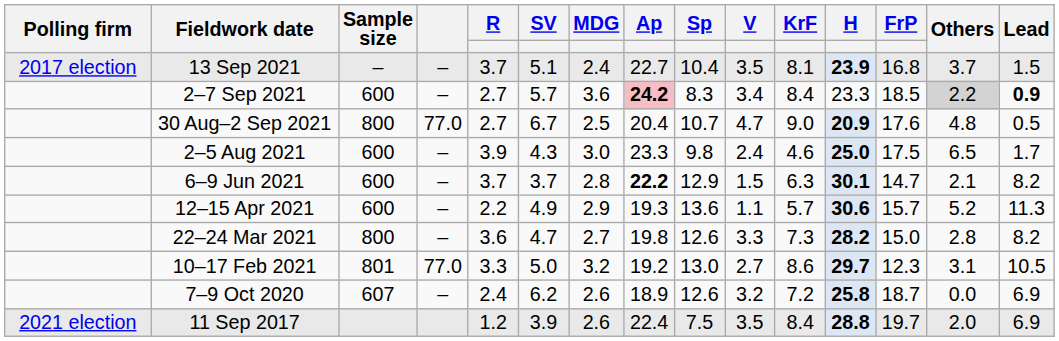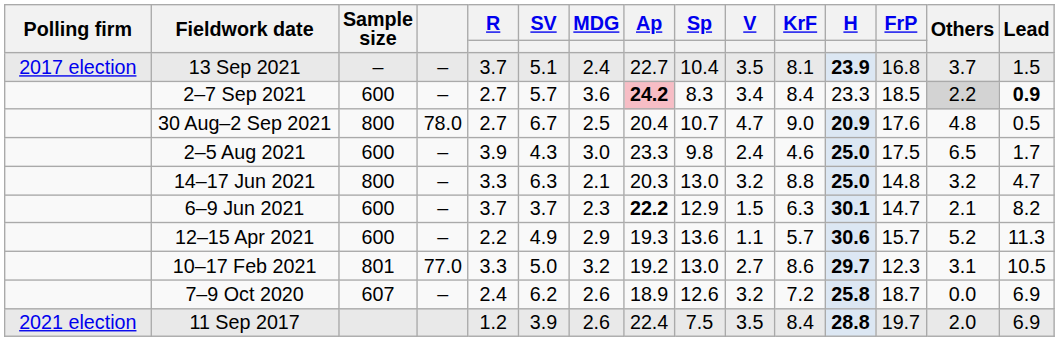 <table class="wikitable mw-collapsible sortable" style="text-align:center;font-size:90%;line-height:14px;">
 <tr>
 <th rowspan="2" style="width:100px;">Polling firm</th>
 <th rowspan="2" style="width:130px;">Fieldwork date</th>
 <th rowspan="2" style="width:35px;">Sample<br>size</th>
 <th rowspan="2" style="width:30px;"></th>
 <th class="unsortable" style="width:30px;"><a href='#'>R</a></th>
 <th class="unsortable" style="width:30px;"><a href='#'>SV</a></th>
 <th class="unsortable" style="width:30px;"><a href='#'>MDG</a></th>
 <th class="unsortable" style="width:30px;"><a href='#'>Ap</a></th>
 <th class="unsortable" style="width:30px;"><a href='#'>Sp</a></th>
 <th class="unsortable" style="width:30px;"><a href='#'>V</a></th>
 <th class="unsortable" style="width:30px;"><a href='#'>KrF</a></th>
 <th class="unsortable" style="width:30px;"><a href='#'>H</a></th>
 <th class="unsortable" style="width:30px;"><a href='#'>FrP</a></th>
 <th class="unsortable" style="width:20px;" rowspan="2">Others</th>
 <th rowspan="2" style="width:30px;">Lead</th>
 </tr>
 <tr>
 <th style="background:"></th>
 <th style="background:"></th>
 <th style="background:"></th>
 <th style="background:"></th>
 <th style="background:"></th>
 <th style="background:"></th>
 <th style="background:"></th>
 <th style="background:"></th>
 <th style="background:"></th>
 </tr>
 <tr style="background:#E9E9E9;">
 <td><a href='#'>2017 election</a></td>
 <td>13 Sep 2021</td>
 <td>–</td>
 <td>–</td>
 <td>3.7</td>
 <td>5.1</td>
 <td>2.4</td>
 <td>22.7</td>
 <td>10.4</td>
 <td>3.5</td>
 <td>8.1</td>
 <td style="background:#DCE7F3;"><strong>23.9</strong></td>
 <td>16.8</td>
 <td>3.7</td>
 <td style="background:">1.5</td>
 </tr>
 <tr>
 <td></td>
 <td>2–7 Sep 2021</td>
 <td>600</td>
 <td>–</td>
 <td>2.7</td>
 <td>5.7</td>
 <td>3.6</td>
 <td style="background:#F7BDC5;"><strong>24.2</strong></td>
 <td>8.3</td>
 <td>3.4</td>
 <td>8.4</td>
 <td>23.3</td>
 <td>18.5</td>
 <td style="background: lightgrey;">2.2</td>
 <td style="background:"><strong>0.9</strong></td>
 </tr>
 <tr>
 <td></td>
 <td>30 Aug–2 Sep 2021</td>
 <td>800</td>
-<td>77.0</td>
+<td>78.0</td>
 <td>2.7</td>
 <td>6.7</td>
 <td>2.5</td>
 <td>20.4</td>
 <td>10.7</td>
 <td>4.7</td>
 <td>9.0</td>
 <td style="background:#DCE7F3;"><strong>20.9</strong></td>
 <td>17.6</td>
 <td>4.8</td>
 <td style="background:">0.5</td>
 </tr>
 <tr>
 <td></td>
 <td>2–5 Aug 2021</td>
 <td>600</td>
 <td>–</td>
 <td>3.9</td>
 <td>4.3</td>
 <td>3.0</td>
 <td>23.3</td>
 <td>9.8</td>
 <td>2.4</td>
 <td>4.6</td>
 <td style="background:#DCE7F3;"><strong>25.0</strong></td>
 <td>17.5</td>
 <td>6.5</td>
 <td style="background:">1.7</td>
 </tr>
 <tr>
 <td></td>
+<td>14–17 Jun 2021</td>
+<td>800</td>
+<td>–</td>
+<td>3.3</td>
+<td>6.3</td>
+<td>2.1</td>
+<td>20.3</td>
+<td>13.0</td>
+<td>3.2</td>
+<td>8.8</td>
+<td style="background:#DCE7F3;"><strong>25.0</strong></td>
+<td>14.8</td>
+<td>3.2</td>
+<td style="background:">4.7</td>
+</tr>
+<tr>
+<td></td>
 <td>6–9 Jun 2021</td>
 <td>600</td>
 <td>–</td>
 <td>3.7</td>
 <td>3.7</td>
-<td>2.8</td>
+<td>2.3</td>
 <td><strong>22.2</strong></td>
 <td>12.9</td>
 <td>1.5</td>
 <td>6.3</td>
 <td style="background:#DCE7F3;"><strong>30.1</strong></td>
 <td>14.7</td>
 <td>2.1</td>
 <td style="background:">8.2</td>
 </tr>
 <tr>
 <td></td>
 <td>12–15 Apr 2021</td>
 <td>600</td>
 <td>–</td>
 <td>2.2</td>
 <td>4.9</td>
 <td>2.9</td>
 <td>19.3</td>
 <td>13.6</td>
 <td>1.1</td>
 <td>5.7</td>
 <td style="background:#DCE7F3;"><strong>30.6</strong></td>
 <td>15.7</td>
 <td>5.2</td>
 <td style="background:">11.3</td>
-</tr>
-<tr>
-<td></td>
-<td>22–24 Mar 2021</td>
-<td>800</td>
-<td>–</td>
-<td>3.6</td>
-<td>4.7</td>
-<td>2.7</td>
-<td>19.8</td>
-<td>12.6</td>
-<td>3.3</td>
-<td>7.3</td>
-<td style="background:#DCE7F3;"><strong>28.2</strong></td>
-<td>15.0</td>
-<td>2.8</td>
-<td style="background:">8.2</td>
 </tr>
 <tr>
 <td></td>
 <td>10–17 Feb 2021</td>
 <td>801</td>
 <td>77.0</td>
 <td>3.3</td>
 <td>5.0</td>
 <td>3.2</td>
 <td>19.2</td>
 <td>13.0</td>
 <td>2.7</td>
 <td>8.6</td>
 <td style="background:#DCE7F3;"><strong>29.7</strong></td>
 <td>12.3</td>
 <td>3.1</td>
 <td style="background:">10.5</td>
 </tr>
 <tr>
 <td></td>
 <td>7–9 Oct 2020</td>
 <td>607</td>
 <td>–</td>
 <td>2.4</td>
 <td>6.2</td>
 <td>2.6</td>
 <td>18.9</td>
 <td>12.6</td>
 <td>3.2</td>
 <td>7.2</td>
 <td style="background:#DCE7F3;"><strong>25.8</strong></td>
 <td>18.7</td>
 <td>0.0</td>
 <td style="background:">6.9</td>
 </tr>
 <tr style="background:#E9E9E9;">
 <td><a href='#'>2021 election</a></td>
 <td>11 Sep 2017</td>
 <td></td>
 <td></td>
 <td>1.2</td>
 <td>3.9</td>
 <td>2.6</td>
 <td>22.4</td>
 <td>7.5</td>
 <td>3.5</td>
 <td>8.4</td>
 <td style="background:#DCE7F3;"><strong>28.8</strong></td>
 <td>19.7</td>
 <td>2.0</td>
 <td style="background:">6.9</td>
 </tr>
 </table>
